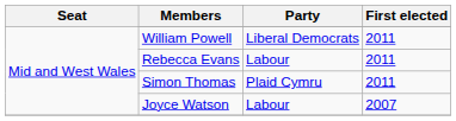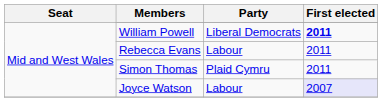 <table class="wikitable sortable">
 <tr>
 <th colspan=1>Seat</th>
 <th>Members</th>
 <th>Party</th>
 <th>First elected</th>
 </tr>
 <tr>
 <td rowspan=5><a href='#'>Mid and West Wales</a></td>
 </tr>
 <tr>
 <td><a href='#'>William Powell</a></td>
 <td><a href='#'>Liberal Democrats</a></td>
-<td><a href='#'>2011</a></td>
+<td><strong><a href='#'>2011</a></strong></td>
 </tr>
 <tr>
 <td><a href='#'>Rebecca Evans</a></td>
 <td><a href='#'>Labour</a></td>
 <td><a href='#'>2011</a></td>
 </tr>
 <tr>
 <td><a href='#'>Simon Thomas</a></td>
 <td><a href='#'>Plaid Cymru</a></td>
 <td><a href='#'>2011</a></td>
 </tr>
 <tr>
 <td><a href='#'>Joyce Watson</a></td>
 <td><a href='#'>Labour</a></td>
-<td><a href='#'>2007</a></td>
+<td style="background: lavender;"><a href='#'>2007</a></td>
 </tr>
 <tr>
 </tr>
 </table>
